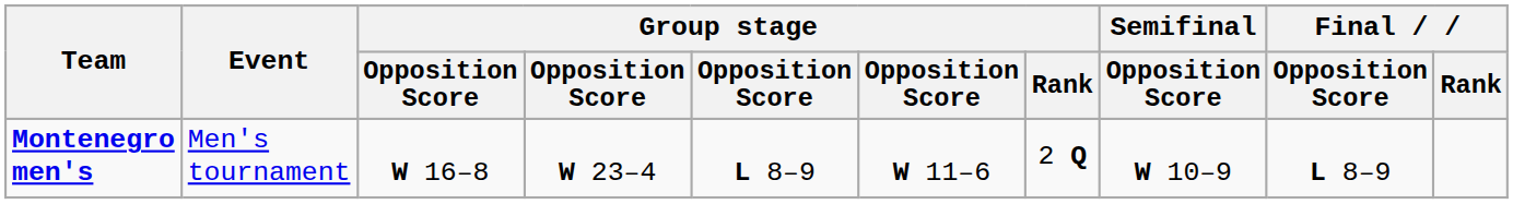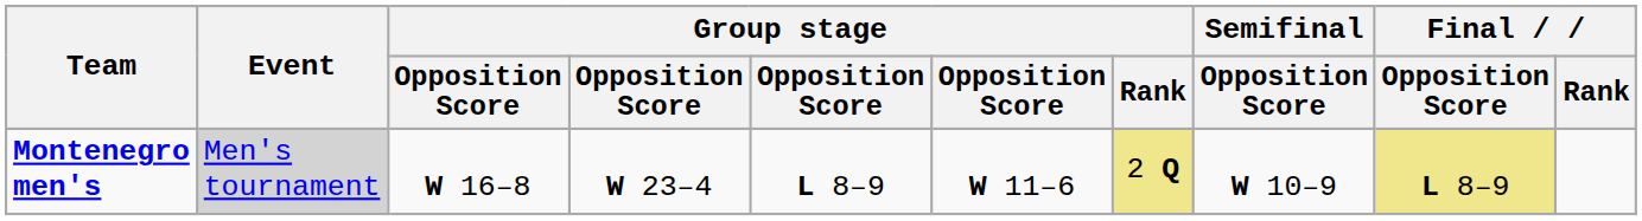 <table class="wikitable" style="text-align:center; font-size:90%">
 <tr>
 <th rowspan=2>Team</th>
 <th rowspan=2>Event</th>
 <th colspan=5>Group stage</th>
 <th>Semifinal</th>
 <th colspan=2>Final /  / </th>
 </tr>
 <tr style="font-size:95%">
 <th>Opposition<br>Score</th>
 <th>Opposition<br>Score</th>
 <th>Opposition<br>Score</th>
 <th>Opposition<br>Score</th>
 <th>Rank</th>
 <th>Opposition<br>Score</th>
 <th>Opposition<br>Score</th>
 <th>Rank</th>
 </tr>
 <tr>
 <td align=left><strong><a href='#'>Montenegro men's</a></strong></td>
-<td align=left><a href='#'>Men's tournament</a></td>
+<td align=left style="background: lightgrey;"><a href='#'>Men's tournament</a></td>
 <td><br><strong>W</strong> 16–8</td>
 <td><br><strong>W</strong> 23–4</td>
 <td><br><strong>L</strong> 8–9</td>
 <td><br><strong>W</strong> 11–6</td>
-<td>2 <strong>Q</strong></td>
+<td style="background: khaki;">2 <strong>Q</strong></td>
 <td><br><strong>W</strong> 10–9</td>
-<td><br><strong>L</strong> 8–9</td>
+<td style="background: khaki;"><br><strong>L</strong> 8–9</td>
 <td></td>
 </tr>
 </table>
